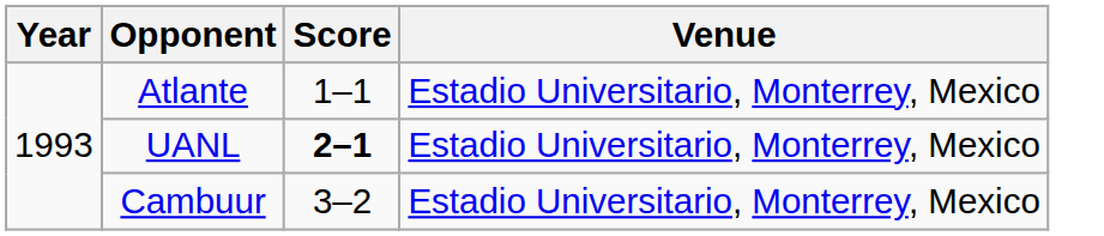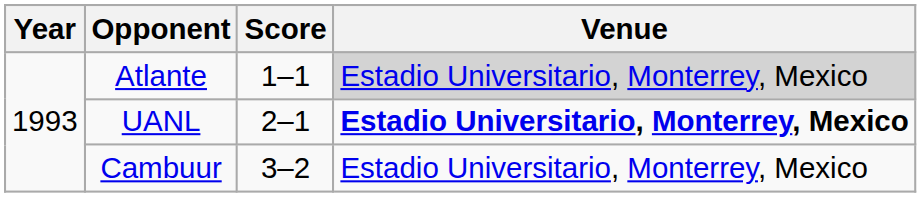 <table class="wikitable" style="font-size: 90%; text-align:left">
 <tr>
 <th>Year</th>
 <th>Opponent</th>
 <th>Score</th>
 <th>Venue</th>
 </tr>
 <tr>
 <td rowspan=3>1993</td>
 <td align=center> <a href='#'>Atlante</a></td>
 <td align=center>1–1</td>
-<td><a href='#'>Estadio Universitario</a>, <a href='#'>Monterrey</a>, Mexico</td>
+<td style="background: lightgrey;"><a href='#'>Estadio Universitario</a>, <a href='#'>Monterrey</a>, Mexico</td>
 </tr>
 <tr>
 <td align=center> <a href='#'>UANL</a></td>
-<td align=center><strong>2–1</strong></td>
-<td><a href='#'>Estadio Universitario</a>, <a href='#'>Monterrey</a>, Mexico</td>
+<td align=center>2–1</td>
+<td><strong><a href='#'>Estadio Universitario</a>, <a href='#'>Monterrey</a>, Mexico</strong></td>
 </tr>
 <tr>
 <td align=center> <a href='#'>Cambuur</a></td>
 <td align=center>3–2</td>
 <td> <a href='#'>Estadio Universitario</a>, <a href='#'>Monterrey</a>, Mexico</td>
 </tr>
 </table>
